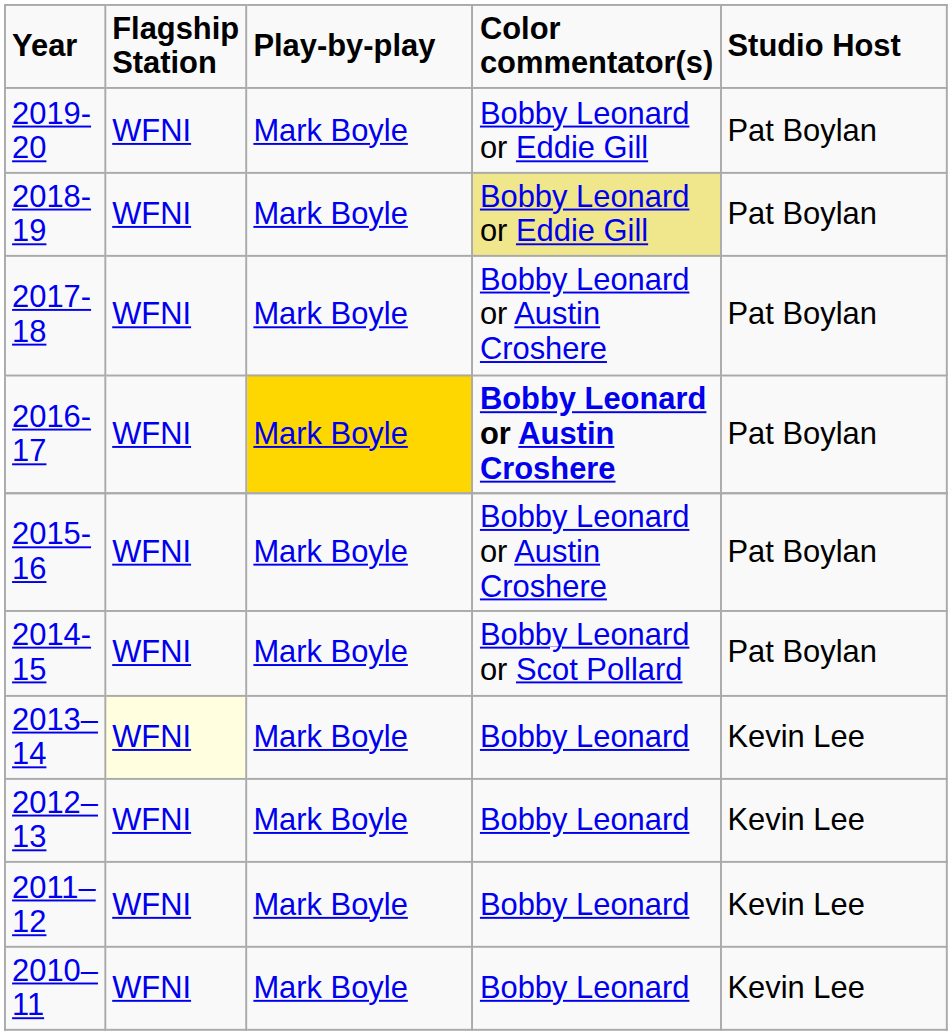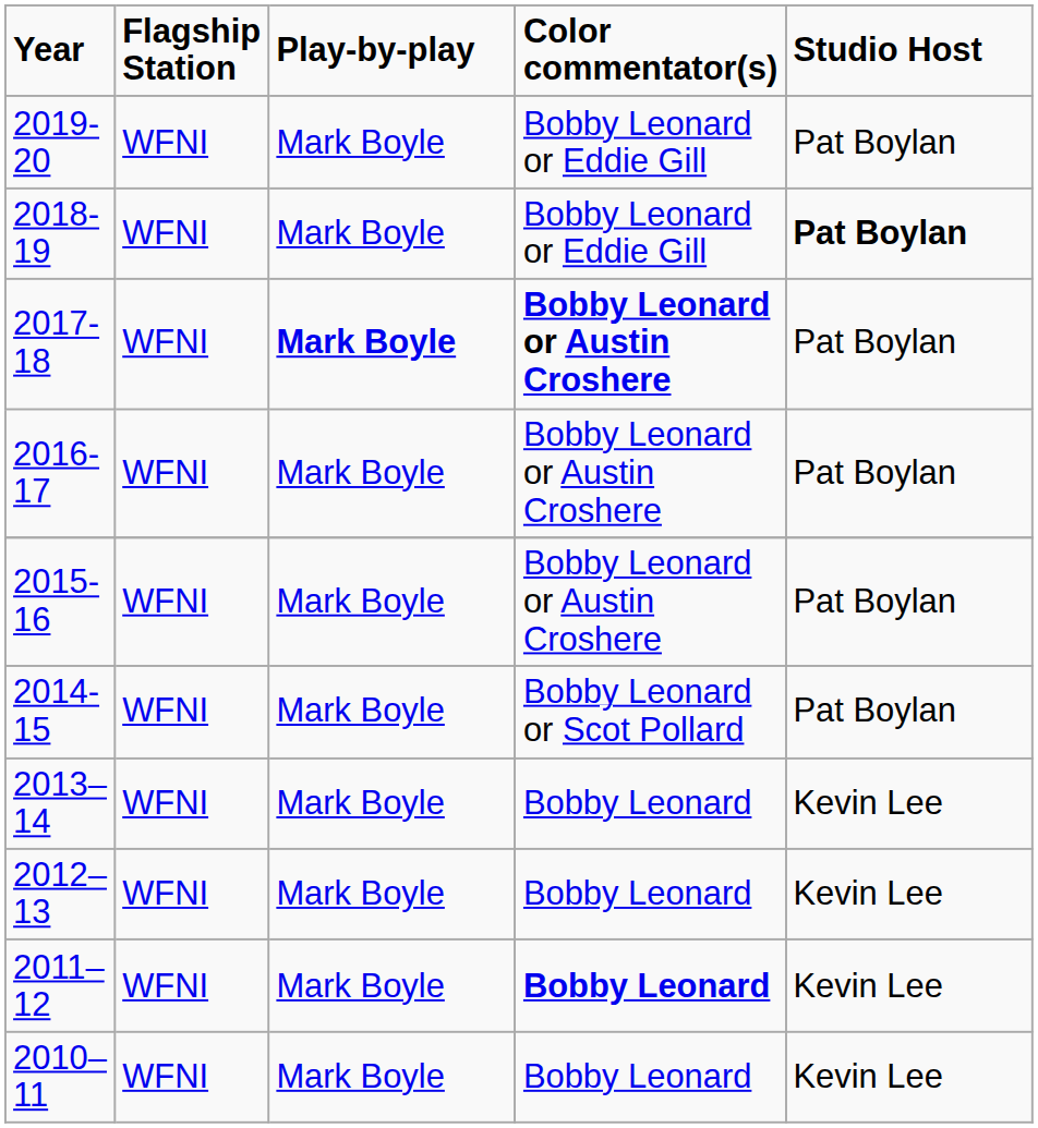 <table class="wikitable">
 <tr>
 <td width="40"><strong>Year</strong></td>
 <td width="40"><strong>Flagship Station</strong></td>
 <td width="110"><strong>Play-by-play</strong></td>
 <td width="110"><strong>Color commentator(s)</strong></td>
 <td width="110"><strong>Studio Host</strong></td>
 </tr>
 <tr>
 <td><a href='#'>2019-20</a></td>
 <td><a href='#'>WFNI</a></td>
 <td><a href='#'>Mark Boyle</a></td>
 <td><a href='#'>Bobby Leonard</a> or <a href='#'>Eddie Gill</a></td>
 <td>Pat Boylan</td>
 </tr>
 <tr>
 <td><a href='#'>2018-19</a></td>
 <td><a href='#'>WFNI</a></td>
 <td><a href='#'>Mark Boyle</a></td>
-<td style="background: khaki;"><a href='#'>Bobby Leonard</a> or <a href='#'>Eddie Gill</a></td>
-<td>Pat Boylan</td>
+<td><a href='#'>Bobby Leonard</a> or <a href='#'>Eddie Gill</a></td>
+<td><strong>Pat Boylan</strong></td>
 </tr>
 <tr>
 <td><a href='#'>2017-18</a></td>
 <td><a href='#'>WFNI</a></td>
-<td><a href='#'>Mark Boyle</a></td>
-<td><a href='#'>Bobby Leonard</a> or <a href='#'>Austin Croshere</a></td>
+<td><strong><a href='#'>Mark Boyle</a></strong></td>
+<td><strong><a href='#'>Bobby Leonard</a> or <a href='#'>Austin Croshere</a></strong></td>
 <td>Pat Boylan</td>
 </tr>
 <tr>
 <td><a href='#'>2016-17</a></td>
 <td><a href='#'>WFNI</a></td>
-<td style="background: gold;"><a href='#'>Mark Boyle</a></td>
-<td><strong><a href='#'>Bobby Leonard</a> or <a href='#'>Austin Croshere</a></strong></td>
+<td><a href='#'>Mark Boyle</a></td>
+<td><a href='#'>Bobby Leonard</a> or <a href='#'>Austin Croshere</a></td>
 <td>Pat Boylan</td>
 </tr>
 <tr>
 </tr>
 <tr>
 <td><a href='#'>2015-16</a></td>
 <td><a href='#'>WFNI</a></td>
 <td><a href='#'>Mark Boyle</a></td>
 <td><a href='#'>Bobby Leonard</a> or <a href='#'>Austin Croshere</a></td>
 <td>Pat Boylan</td>
 </tr>
 <tr>
 <td><a href='#'>2014-15</a></td>
 <td><a href='#'>WFNI</a></td>
 <td><a href='#'>Mark Boyle</a></td>
 <td><a href='#'>Bobby Leonard</a> or <a href='#'>Scot Pollard</a></td>
 <td>Pat Boylan</td>
 </tr>
 <tr>
 <td><a href='#'>2013–14</a></td>
-<td style="background: lightyellow;"><a href='#'>WFNI</a></td>
+<td><a href='#'>WFNI</a></td>
 <td><a href='#'>Mark Boyle</a></td>
 <td><a href='#'>Bobby Leonard</a></td>
 <td>Kevin Lee</td>
 </tr>
 <tr>
 <td><a href='#'>2012–13</a></td>
 <td><a href='#'>WFNI</a></td>
 <td><a href='#'>Mark Boyle</a></td>
 <td><a href='#'>Bobby Leonard</a></td>
 <td>Kevin Lee</td>
 </tr>
 <tr>
 <td><a href='#'>2011–12</a></td>
 <td><a href='#'>WFNI</a></td>
 <td><a href='#'>Mark Boyle</a></td>
-<td><a href='#'>Bobby Leonard</a></td>
+<td><strong><a href='#'>Bobby Leonard</a></strong></td>
 <td>Kevin Lee</td>
 </tr>
 <tr>
 <td><a href='#'>2010–11</a></td>
 <td><a href='#'>WFNI</a></td>
 <td><a href='#'>Mark Boyle</a></td>
 <td><a href='#'>Bobby Leonard</a></td>
 <td>Kevin Lee</td>
 </tr>
 </table>
